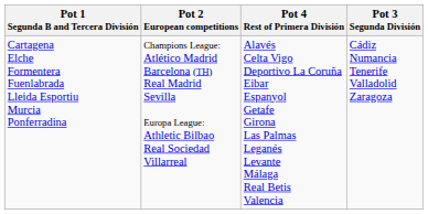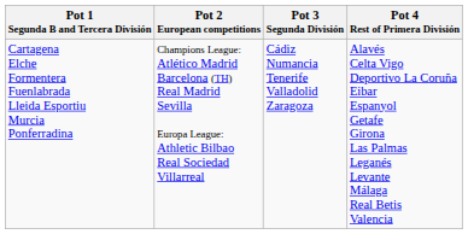 <table class="wikitable">
 <tr>
 <th>Pot 1<br><small>Segunda B and Tercera División</small></th>
 <th>Pot 2<br><small>European competitions</small></th>
+<th>Pot 3<br><small>Segunda División</small></th>
 <th>Pot 4<br><small>Rest of Primera División</small></th>
-<th>Pot 3<br><small>Segunda División</small></th>
 </tr>
 <tr>
 <td valign=top><a href='#'>Cartagena</a><br><a href='#'>Elche</a><br><a href='#'>Formentera</a><br><a href='#'>Fuenlabrada</a><br><a href='#'>Lleida Esportiu</a><br><a href='#'>Murcia</a><br><a href='#'>Ponferradina</a><br></td>
 <td valign=top><small>Champions League:</small><br><a href='#'>Atlético Madrid</a><br><a href='#'>Barcelona</a> <small>(<a href='#'>TH</a>)</small><br><a href='#'>Real Madrid</a> <br><a href='#'>Sevilla</a><br><br><small>Europa League:</small><br><a href='#'>Athletic Bilbao</a><br><a href='#'>Real Sociedad</a><br><a href='#'>Villarreal</a></td>
+<td valign=top><a href='#'>Cádiz</a><br><a href='#'>Numancia</a><br><a href='#'>Tenerife</a><br><a href='#'>Valladolid</a><br><a href='#'>Zaragoza</a></td>
 <td valign=top><a href='#'>Alavés</a><br><a href='#'>Celta Vigo</a><br><a href='#'>Deportivo La Coruña</a><br><a href='#'>Eibar</a><br><a href='#'>Espanyol</a><br><a href='#'>Getafe</a><br><a href='#'>Girona</a><br><a href='#'>Las Palmas</a><br><a href='#'>Leganés</a><br><a href='#'>Levante</a><br><a href='#'>Málaga</a><br><a href='#'>Real Betis</a><br><a href='#'>Valencia</a></td>
-<td valign=top><a href='#'>Cádiz</a><br><a href='#'>Numancia</a><br><a href='#'>Tenerife</a><br><a href='#'>Valladolid</a><br><a href='#'>Zaragoza</a></td>
 </tr>
 </table>
